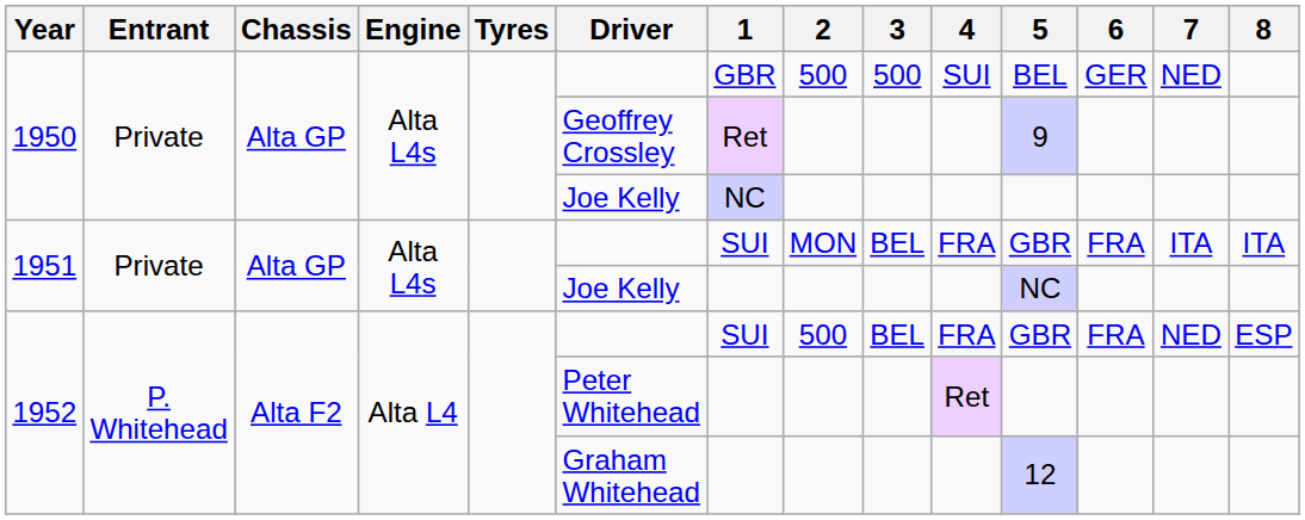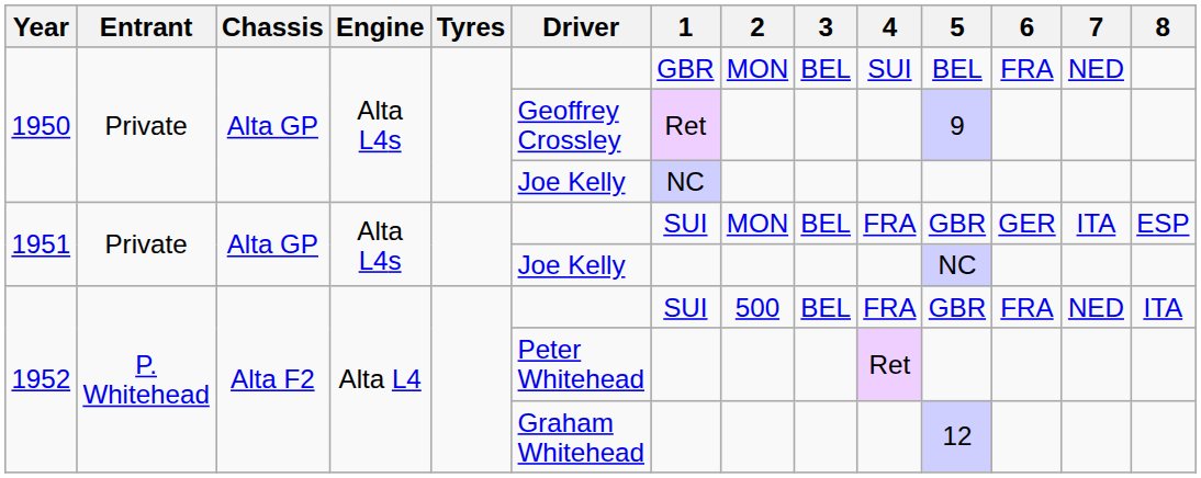 <table class="wikitable" style="text-align:center; font-size:95%">
 <tr>
 <th>Year</th>
 <th>Entrant</th>
 <th>Chassis</th>
 <th>Engine</th>
 <th>Tyres</th>
 <th>Driver</th>
 <th>1</th>
 <th>2</th>
 <th>3</th>
 <th>4</th>
 <th>5</th>
 <th>6</th>
 <th>7</th>
 <th>8</th>
 </tr>
 <tr>
 <td rowspan="3"><a href='#'>1950</a></td>
 <td rowspan="3">Private</td>
 <td rowspan="3"><a href='#'>Alta GP</a></td>
 <td rowspan="3">Alta <a href='#'>L4</a><a href='#'>s</a></td>
 <td rowspan="3"></td>
 <td></td>
 <td><a href='#'>GBR</a></td>
-<td><a href='#'>500</a></td>
-<td><a href='#'>500</a></td>
+<td><a href='#'>MON</a></td>
+<td><a href='#'>BEL</a></td>
 <td><a href='#'>SUI</a></td>
 <td><a href='#'>BEL</a></td>
-<td><a href='#'>GER</a></td>
+<td><a href='#'>FRA</a></td>
 <td><a href='#'>NED</a></td>
 <td></td>
 </tr>
 <tr>
 <td align="left"> <a href='#'>Geoffrey Crossley</a></td>
 <td style="background:#efcfff;">Ret</td>
 <td></td>
 <td></td>
 <td></td>
 <td style="background:#cfcfff;">9</td>
 <td></td>
 <td></td>
 <td></td>
 </tr>
 <tr>
 <td align="left">  <a href='#'>Joe Kelly</a></td>
 <td style="background:#cfcfff;">NC</td>
 <td></td>
 <td></td>
 <td></td>
 <td></td>
 <td></td>
 <td></td>
 <td></td>
 </tr>
 <tr>
 <td rowspan="2"><a href='#'>1951</a></td>
 <td rowspan="2">Private</td>
 <td rowspan="2"><a href='#'>Alta GP</a></td>
 <td rowspan="2">Alta <a href='#'>L4</a><a href='#'>s</a></td>
 <td rowspan="2"></td>
 <td></td>
 <td><a href='#'>SUI</a></td>
 <td><a href='#'>MON</a></td>
 <td><a href='#'>BEL</a></td>
 <td><a href='#'>FRA</a></td>
 <td><a href='#'>GBR</a></td>
-<td><a href='#'>FRA</a></td>
+<td><a href='#'>GER</a></td>
 <td><a href='#'>ITA</a></td>
-<td><a href='#'>ITA</a></td>
+<td><a href='#'>ESP</a></td>
 </tr>
 <tr>
 <td align="left">  <a href='#'>Joe Kelly</a></td>
 <td></td>
 <td></td>
 <td></td>
 <td></td>
 <td style="background:#cfcfff;">NC</td>
 <td></td>
 <td></td>
 <td></td>
 </tr>
 <tr>
 <td rowspan="3"><a href='#'>1952</a></td>
 <td rowspan="3"><a href='#'>P. Whitehead</a></td>
 <td rowspan="3"><a href='#'>Alta F2</a></td>
 <td rowspan="3">Alta <a href='#'>L4</a></td>
 <td rowspan="3"></td>
 <td></td>
 <td><a href='#'>SUI</a></td>
 <td><a href='#'>500</a></td>
 <td><a href='#'>BEL</a></td>
 <td><a href='#'>FRA</a></td>
 <td><a href='#'>GBR</a></td>
 <td><a href='#'>FRA</a></td>
 <td><a href='#'>NED</a></td>
-<td><a href='#'>ESP</a></td>
+<td><a href='#'>ITA</a></td>
 </tr>
 <tr>
 <td align="left">  <a href='#'>Peter Whitehead</a></td>
 <td></td>
 <td></td>
 <td></td>
 <td style="background:#efcfff;">Ret</td>
 <td></td>
 <td></td>
 <td></td>
 <td></td>
 </tr>
 <tr>
 <td align="left">  <a href='#'>Graham Whitehead</a></td>
 <td></td>
 <td></td>
 <td></td>
 <td></td>
 <td style="background:#cfcfff;">12</td>
 <td></td>
 <td></td>
 <td></td>
 </tr>
 </table>
